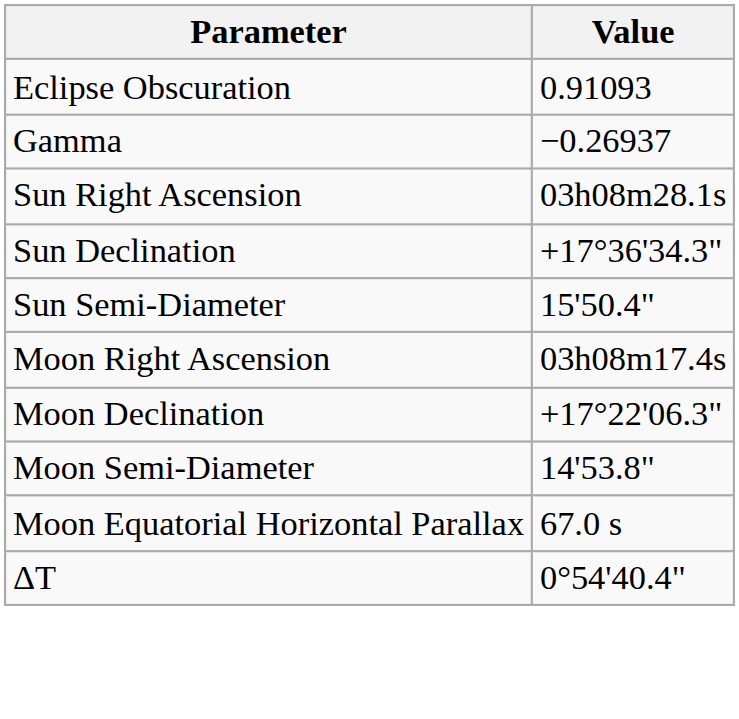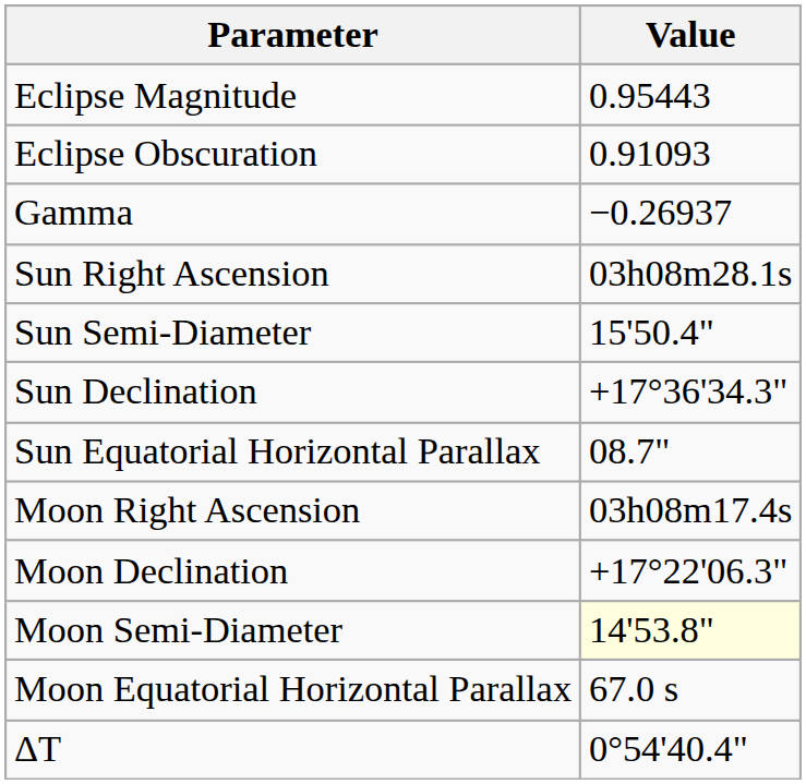 <table class="wikitable">
 <tr>
 <th>Parameter</th>
 <th>Value</th>
+</tr>
+<tr>
+<td>Eclipse Magnitude</td>
+<td>0.95443</td>
 </tr>
 <tr>
 <td>Eclipse Obscuration</td>
 <td>0.91093</td>
 </tr>
 <tr>
 <td>Gamma</td>
 <td>−0.26937</td>
 </tr>
 <tr>
 <td>Sun Right Ascension</td>
 <td>03h08m28.1s</td>
 </tr>
 <tr>
+<td>Sun Semi-Diameter</td>
+<td>15'50.4"</td>
+</tr>
+<tr>
 <td>Sun Declination</td>
 <td>+17°36'34.3"</td>
 </tr>
 <tr>
-<td>Sun Semi-Diameter</td>
-<td>15'50.4"</td>
+<td>Sun Equatorial Horizontal Parallax</td>
+<td>08.7"</td>
 </tr>
 <tr>
 <td>Moon Right Ascension</td>
 <td>03h08m17.4s</td>
 </tr>
 <tr>
 <td>Moon Declination</td>
 <td>+17°22'06.3"</td>
 </tr>
 <tr>
 <td>Moon Semi-Diameter</td>
-<td>14'53.8"</td>
+<td style="background: lightyellow;">14'53.8"</td>
 </tr>
 <tr>
 <td>Moon Equatorial Horizontal Parallax</td>
 <td>67.0 s</td>
 </tr>
 <tr>
 <td>ΔT</td>
 <td>0°54'40.4"</td>
 </tr>
 </table>
